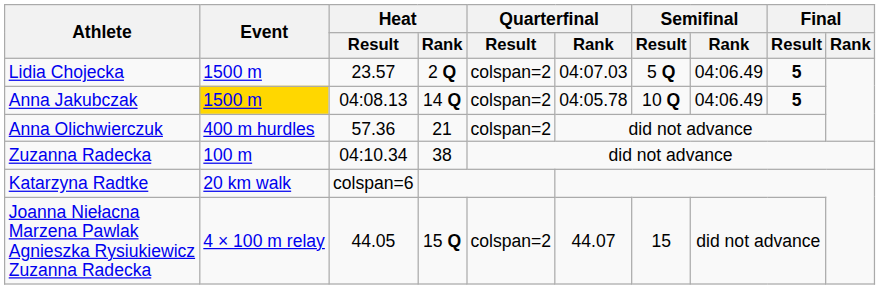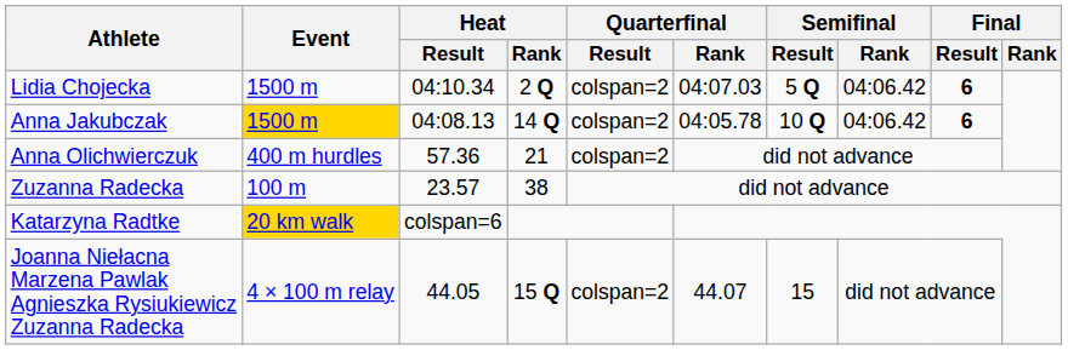 <table class=wikitable style="font-size:90%">
 <tr>
 <th rowspan="2">Athlete</th>
 <th rowspan="2">Event</th>
 <th colspan="2">Heat</th>
 <th colspan="2">Quarterfinal</th>
 <th colspan="2">Semifinal</th>
 <th colspan="2">Final</th>
 </tr>
 <tr style="font-size:95%">
 <th>Result</th>
 <th>Rank</th>
 <th>Result</th>
 <th>Rank</th>
 <th>Result</th>
 <th>Rank</th>
 <th>Result</th>
 <th>Rank</th>
 </tr>
 <tr align=center>
 <td align=left><a href='#'>Lidia Chojecka</a></td>
 <td align=left><a href='#'>1500 m</a></td>
-<td>23.57</td>
+<td>04:10.34</td>
 <td>2 <strong>Q</strong></td>
 <td>colspan=2 </td>
 <td>04:07.03</td>
 <td>5 <strong>Q</strong></td>
-<td>04:06.49</td>
-<td><strong>5</strong></td>
+<td>04:06.42</td>
+<td><strong>6</strong></td>
 </tr>
 <tr align=center>
 <td align=left><a href='#'>Anna Jakubczak</a></td>
 <td align=left style="background: gold;"><a href='#'>1500 m</a></td>
 <td>04:08.13</td>
 <td>14 <strong>Q</strong></td>
 <td>colspan=2 </td>
 <td>04:05.78</td>
 <td>10 <strong>Q</strong></td>
-<td>04:06.49</td>
-<td><strong>5</strong></td>
+<td>04:06.42</td>
+<td><strong>6</strong></td>
 </tr>
 <tr align=center>
 <td align=left><a href='#'>Anna Olichwierczuk</a></td>
 <td align=left><a href='#'>400 m hurdles</a></td>
 <td>57.36</td>
 <td>21</td>
 <td>colspan=2 </td>
 <td colspan=4>did not advance</td>
 </tr>
 <tr align=center>
 <td align=left><a href='#'>Zuzanna Radecka</a></td>
 <td align=left><a href='#'>100 m</a></td>
-<td>04:10.34</td>
+<td>23.57</td>
 <td>38</td>
 <td colspan=6>did not advance</td>
 </tr>
 <tr align=center>
 <td align=left><a href='#'>Katarzyna Radtke</a></td>
-<td align=left><a href='#'>20 km walk</a></td>
+<td align=left style="background: gold;"><a href='#'>20 km walk</a></td>
 <td>colspan=6 </td>
 <td colspan=2></td>
 </tr>
 <tr align=center>
 <td align=left><a href='#'>Joanna Niełacna</a><br><a href='#'>Marzena Pawlak</a><br><a href='#'>Agnieszka Rysiukiewicz</a><br><a href='#'>Zuzanna Radecka</a></td>
 <td align=left><a href='#'>4 × 100 m relay</a></td>
 <td>44.05</td>
 <td>15 <strong>Q</strong></td>
 <td>colspan=2 </td>
 <td>44.07</td>
 <td>15</td>
 <td colspan=2>did not advance</td>
 </tr>
 </table>
